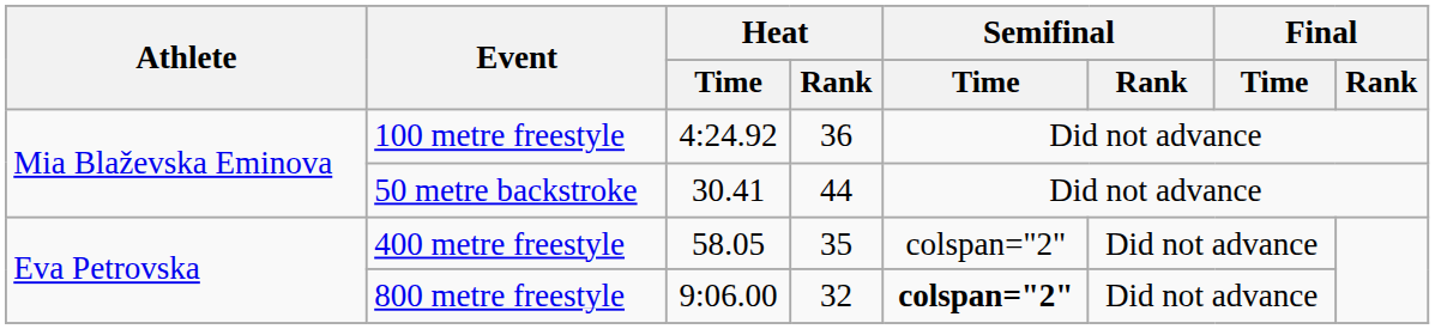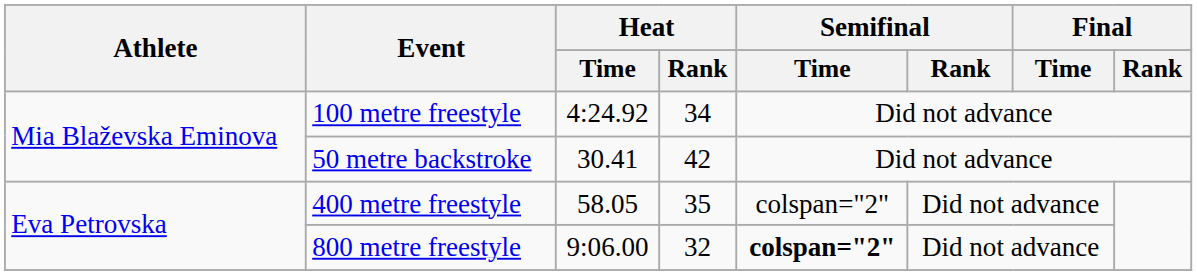 <table class="wikitable" style="text-align:center; font-size:90%; width:50%;">
 <tr>
 <th rowspan="2">Athlete</th>
 <th rowspan="2">Event</th>
 <th colspan="2">Heat</th>
 <th colspan="2">Semifinal</th>
 <th colspan="2">Final</th>
 </tr>
 <tr style="font-size:95%">
 <th>Time</th>
 <th>Rank</th>
 <th>Time</th>
 <th>Rank</th>
 <th>Time</th>
 <th>Rank</th>
 </tr>
 <tr>
 <td align=left rowspan=2><a href='#'>Mia Blaževska Eminova</a></td>
 <td align=left><a href='#'>100 metre freestyle</a></td>
 <td>4:24.92</td>
-<td>36</td>
+<td>34</td>
 <td colspan=4>Did not advance</td>
 </tr>
 <tr>
 <td align=left><a href='#'>50 metre backstroke</a></td>
 <td>30.41</td>
-<td>44</td>
+<td>42</td>
 <td colspan=4>Did not advance</td>
 </tr>
 <tr>
 <td align=left rowspan=2><a href='#'>Eva Petrovska</a></td>
 <td align=left><a href='#'>400 metre freestyle</a></td>
 <td>58.05</td>
 <td>35</td>
 <td>colspan="2" </td>
 <td colspan="2">Did not advance</td>
 </tr>
 <tr>
 <td align=left><a href='#'>800 metre freestyle</a></td>
 <td>9:06.00</td>
 <td>32</td>
 <td><strong>colspan="2" </strong></td>
 <td colspan="2">Did not advance</td>
 </tr>
 </table>
